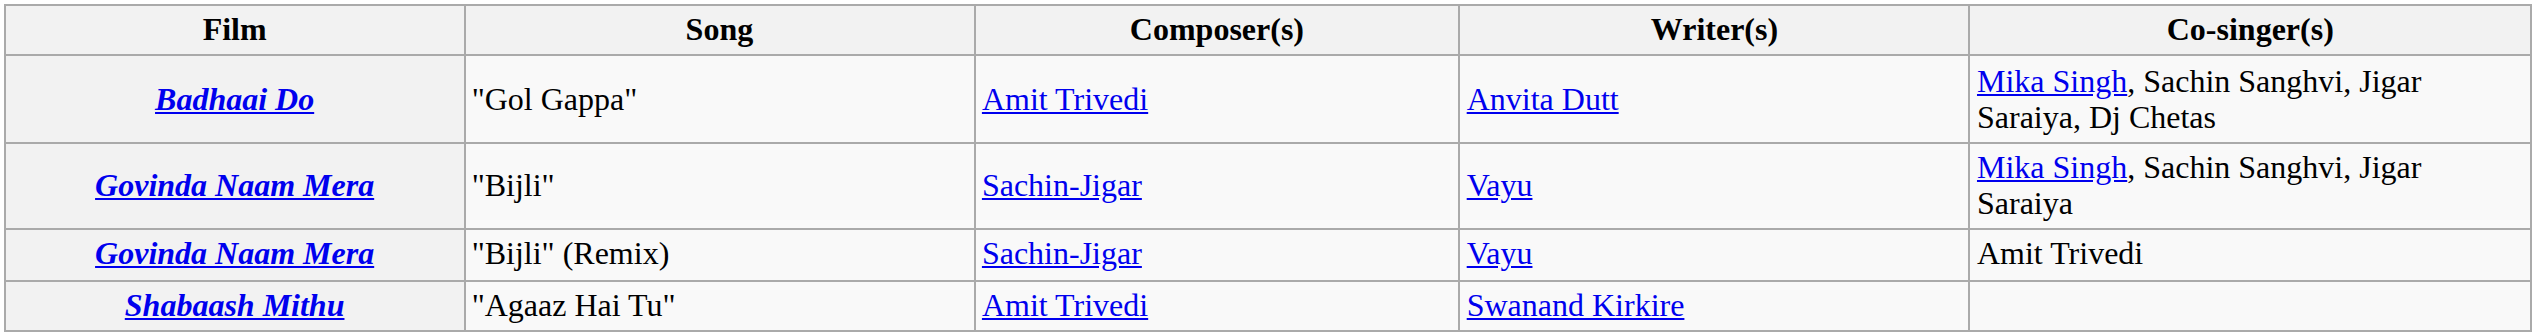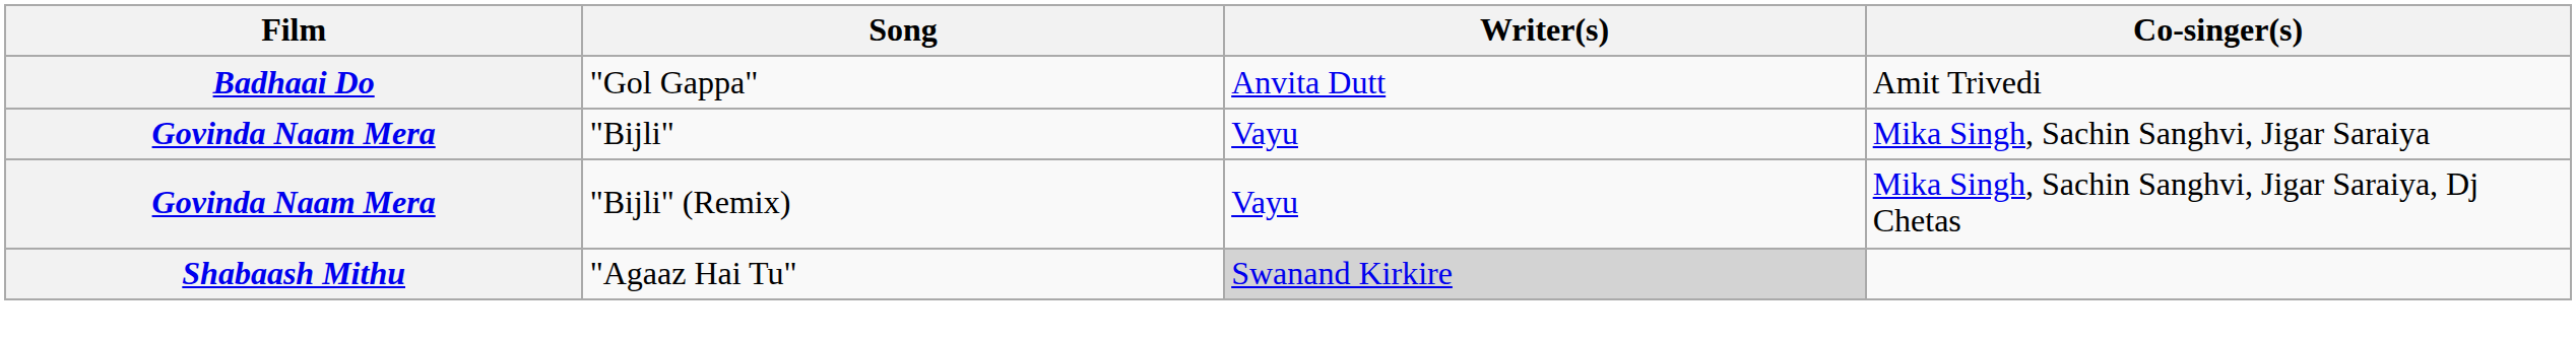 <table class="wikitable plainrowheaders" width="100%">
 <tr>
 <th width=18%>Film</th>
 <th width=20%>Song</th>
-<th width=19%>Composer(s)</th>
 <th width=20%>Writer(s)</th>
 <th width=22%>Co-singer(s)</th>
 </tr>
 <tr>
 <th scope="row"><em><a href='#'>Badhaai Do</a></em></th>
 <td>"Gol Gappa"</td>
-<td><a href='#'>Amit Trivedi</a></td>
 <td><a href='#'>Anvita Dutt</a></td>
-<td><a href='#'>Mika Singh</a>, Sachin Sanghvi, Jigar Saraiya, Dj Chetas</td>
+<td>Amit Trivedi</td>
 </tr>
 <tr>
 <th scope="row"><em><a href='#'>Govinda Naam Mera</a></em></th>
 <td>"Bijli"</td>
-<td><a href='#'>Sachin-Jigar</a></td>
 <td><a href='#'>Vayu</a></td>
 <td><a href='#'>Mika Singh</a>, Sachin Sanghvi, Jigar Saraiya</td>
 </tr>
 <tr>
 <th scope="row"><em><a href='#'>Govinda Naam Mera</a></em></th>
 <td>"Bijli" (Remix)</td>
-<td><a href='#'>Sachin-Jigar</a></td>
 <td><a href='#'>Vayu</a></td>
-<td>Amit Trivedi</td>
+<td><a href='#'>Mika Singh</a>, Sachin Sanghvi, Jigar Saraiya, Dj Chetas</td>
 </tr>
 <tr>
 <th scope="row"><em><a href='#'>Shabaash Mithu</a></em></th>
 <td>"Agaaz Hai Tu"</td>
-<td><a href='#'>Amit Trivedi</a></td>
-<td><a href='#'>Swanand Kirkire</a></td>
+<td style="background: lightgrey;"><a href='#'>Swanand Kirkire</a></td>
 <td></td>
 </tr>
 </table>
